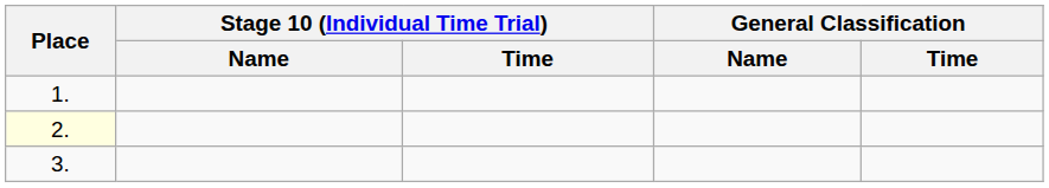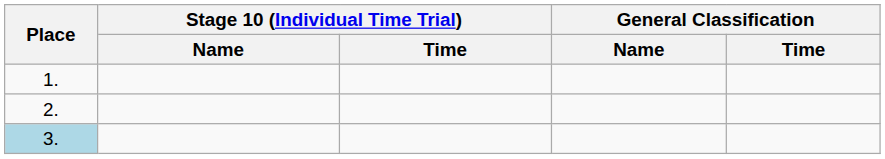 <table class=wikitable style="font-size:95%" width="80%">
 <tr>
 <th rowspan="2">Place</th>
 <th colspan="2">Stage 10 (<a href='#'>Individual Time Trial</a>)</th>
 <th colspan="2">General Classification</th>
 </tr>
 <tr>
 <th>Name</th>
 <th>Time</th>
 <th>Name</th>
 <th>Time</th>
 </tr>
 <tr>
 <td align="center">1.</td>
 <td></td>
 <td></td>
 <td></td>
 <td></td>
 </tr>
 <tr>
-<td align="center" style="background: lightyellow;">2.</td>
+<td align="center">2.</td>
 <td></td>
 <td></td>
 <td></td>
 <td></td>
 </tr>
 <tr>
-<td align="center">3.</td>
+<td align="center" style="background: lightblue;">3.</td>
 <td></td>
 <td></td>
 <td></td>
 <td></td>
 </tr>
 </table>
